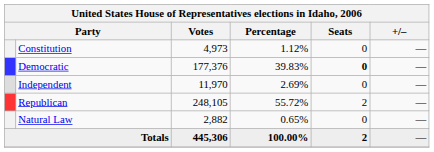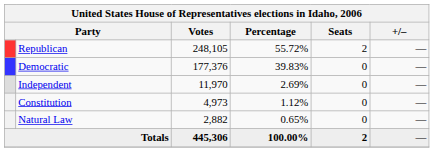 <table class="wikitable" style="font-size: 95%;">
 <tr>
 <th colspan="6">United States House of Representatives elections in Idaho, 2006</th>
 </tr>
 <tr>
 <th colspan=2 style="width: 15em">Party</th>
 <th style="width: 5em">Votes</th>
 <th style="width: 7em">Percentage</th>
 <th style="width: 5em">Seats</th>
 <th style="width: 5em">+/–</th>
 </tr>
 <tr>
-<th style="background-color:"></th>
-<td style="width: 130px"><a href='#'>Constitution</a></td>
-<td align="right">4,973</td>
-<td align="right">1.12%</td>
-<td align="right">0</td>
+<th style="background-color:#FF3333; width: 3px"></th>
+<td style="width: 130px"><a href='#'>Republican</a></td>
+<td align="right">248,105</td>
+<td align="right">55.72%</td>
+<td align="right">2</td>
 <td align="right">—</td>
 </tr>
 <tr>
 <th style="background-color:#3333FF; width: 3px"></th>
 <td style="width: 130px"><a href='#'>Democratic</a></td>
 <td align="right">177,376</td>
 <td align="right">39.83%</td>
-<td align="right"><strong>0</strong></td>
+<td align="right">0</td>
 <td align="right">—</td>
 </tr>
 <tr>
 <th style="background-color:#DDDDDD; width: 3px"></th>
 <td style="width: 130px"><a href='#'>Independent</a></td>
 <td align="right">11,970</td>
 <td align="right">2.69%</td>
 <td align="right">0</td>
 <td align="right">—</td>
 </tr>
 <tr>
-<th style="background-color:#FF3333; width: 3px"></th>
-<td style="width: 130px"><a href='#'>Republican</a></td>
-<td align="right">248,105</td>
-<td align="right">55.72%</td>
-<td align="right">2</td>
+<th style="background-color:"></th>
+<td style="width: 130px"><a href='#'>Constitution</a></td>
+<td align="right">4,973</td>
+<td align="right">1.12%</td>
+<td align="right">0</td>
 <td align="right">—</td>
 </tr>
 <tr>
 <th style="background-color:"></th>
 <td style="width: 130px"><a href='#'>Natural Law</a></td>
 <td align="right">2,882</td>
 <td align="right">0.65%</td>
 <td align="right">0</td>
 <td align="right">—</td>
 </tr>
 <tr bgcolor="#EEEEEE">
 <td colspan="2" align="right"><strong>Totals</strong></td>
 <td align="right"><strong>445,306</strong></td>
 <td align="right"><strong>100.00%</strong></td>
 <td align="right"><strong>2</strong></td>
 <td align="right"><strong>—</strong></td>
 </tr>
 <tr bgcolor="#EEEEEE">
 </tr>
 </table>
